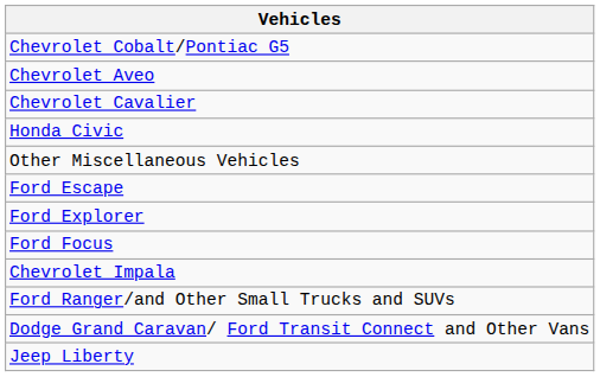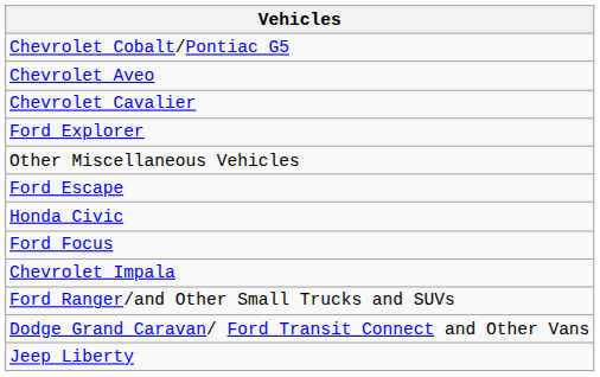 <table class="wikitable">
 <tr>
 <th>Vehicles</th>
 </tr>
 <tr>
 <td><a href='#'>Chevrolet Cobalt</a>/<a href='#'>Pontiac G5</a></td>
 </tr>
 <tr>
 <td><a href='#'>Chevrolet Aveo</a></td>
 </tr>
 <tr>
 <td><a href='#'>Chevrolet Cavalier</a></td>
 </tr>
 <tr>
-<td><a href='#'>Honda Civic</a></td>
+<td><a href='#'>Ford Explorer</a></td>
 </tr>
 <tr>
 <td>Other Miscellaneous Vehicles</td>
 </tr>
 <tr>
 <td><a href='#'>Ford Escape</a></td>
 </tr>
 <tr>
-<td><a href='#'>Ford Explorer</a></td>
+<td><a href='#'>Honda Civic</a></td>
 </tr>
 <tr>
 <td><a href='#'>Ford Focus</a></td>
 </tr>
 <tr>
 <td><a href='#'>Chevrolet Impala</a></td>
 </tr>
 <tr>
 <td><a href='#'>Ford Ranger</a>/and Other Small Trucks and SUVs</td>
 </tr>
 <tr>
 <td><a href='#'>Dodge Grand Caravan</a>/ <a href='#'>Ford Transit Connect</a> and Other Vans</td>
 </tr>
 <tr>
 <td><a href='#'>Jeep Liberty</a></td>
 </tr>
 </table>
